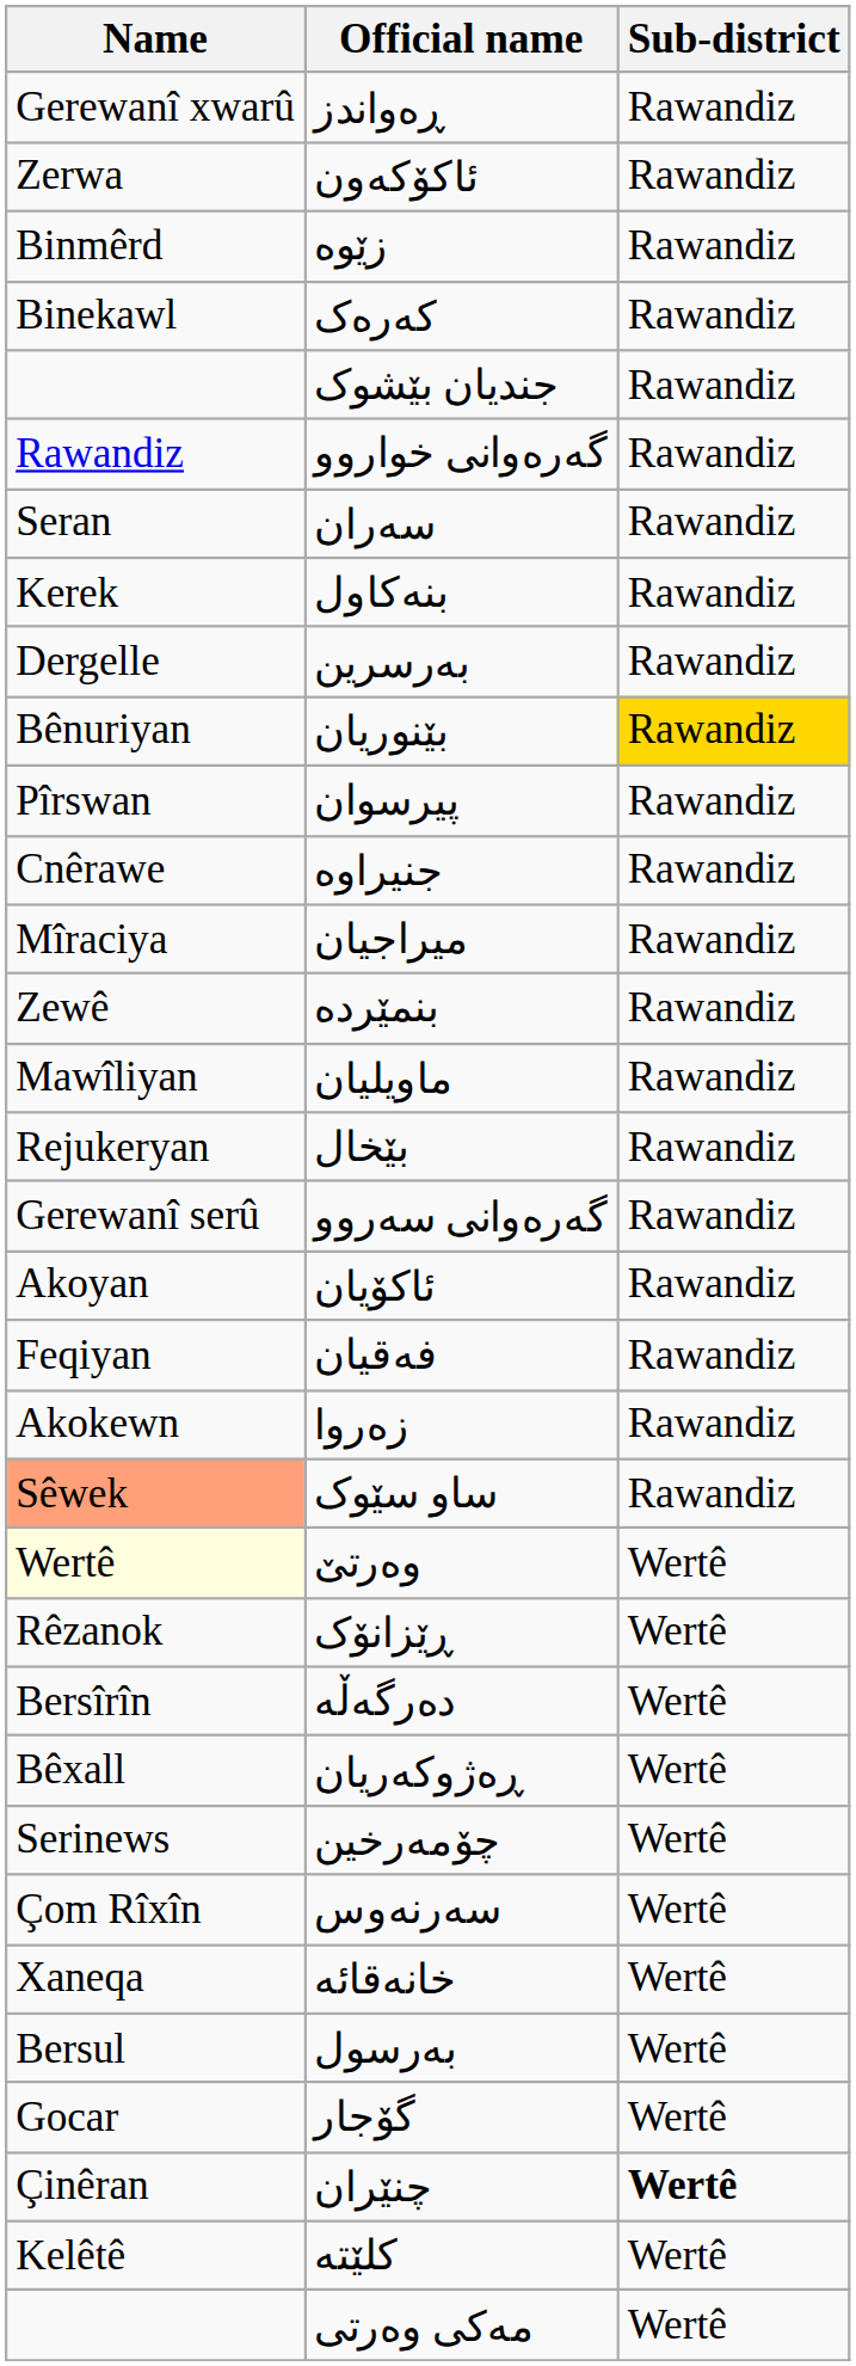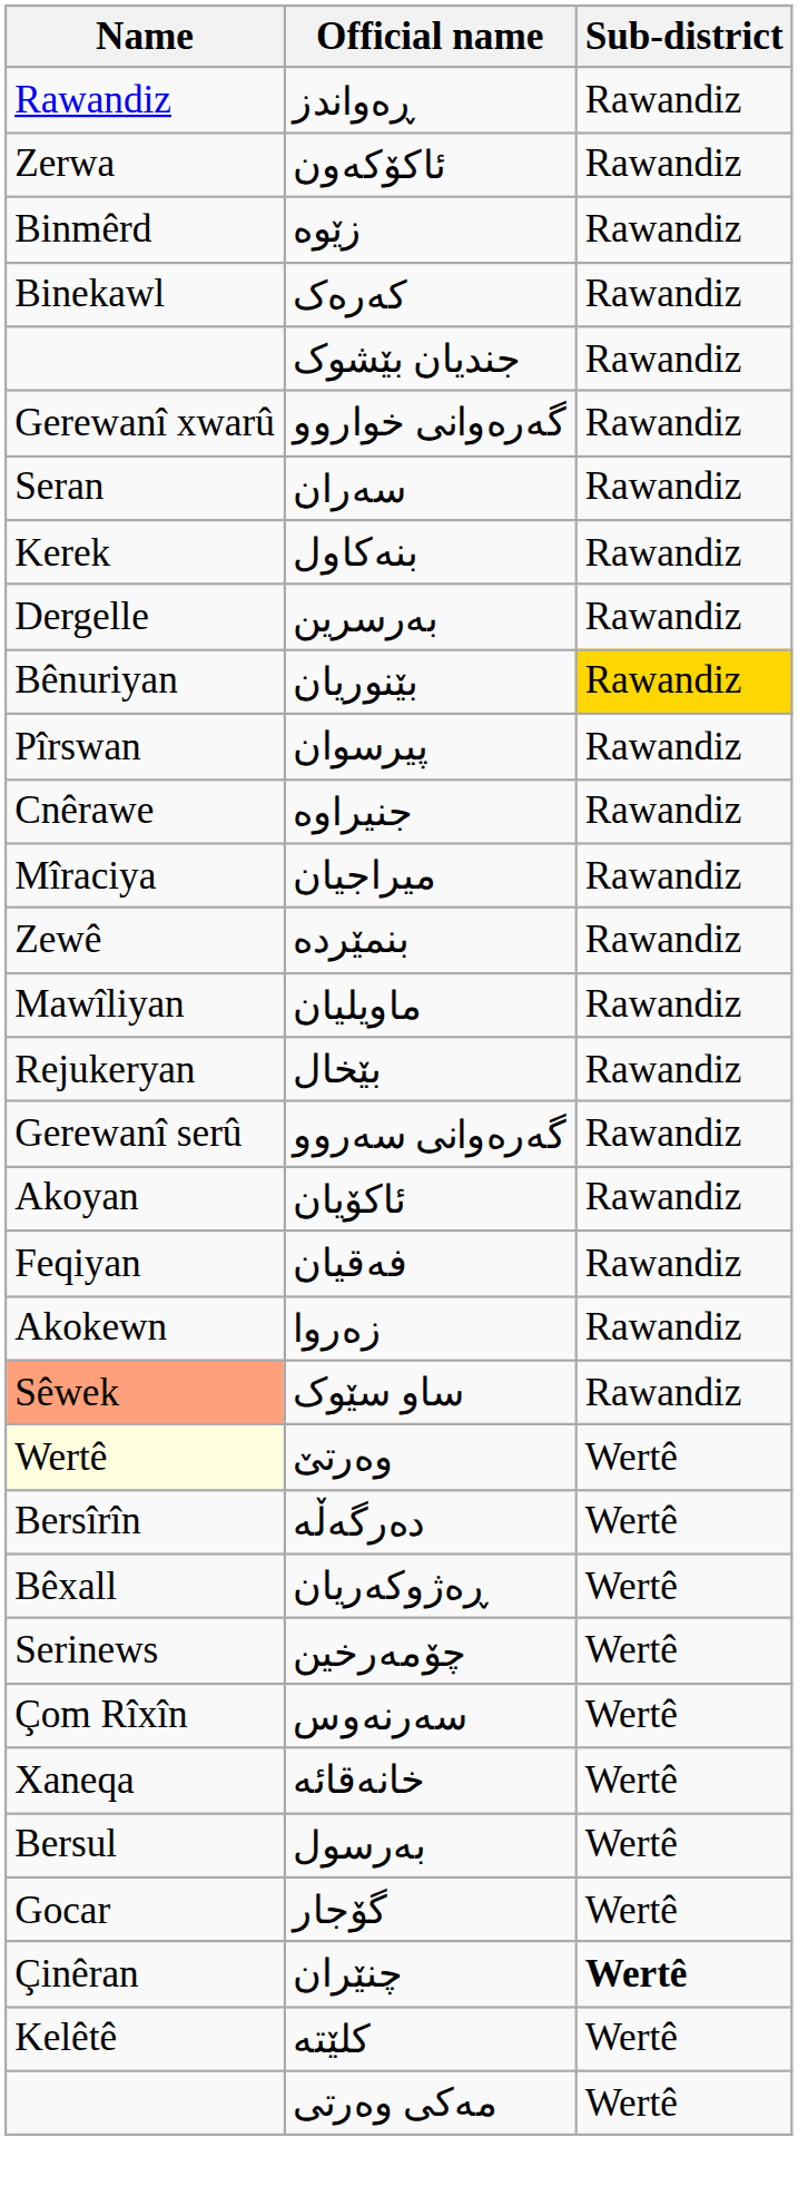 <table class="wikitable sortable">
 <tr>
 <th>Name</th>
 <th>Official name</th>
 <th>Sub-district</th>
 </tr>
 <tr>
-<td>Gerewanî xwarû</td>
+<td><a href='#'>Rawandiz</a></td>
 <td>ڕەواندز</td>
 <td>Rawandiz</td>
 </tr>
 <tr>
 <td>Zerwa</td>
 <td>ئاکۆکه‌ون</td>
 <td>Rawandiz</td>
 </tr>
 <tr>
 <td>Binmêrd</td>
 <td>زێوه‌</td>
 <td>Rawandiz</td>
 </tr>
 <tr>
 <td>Binekawl</td>
 <td>که‌ره‌ک</td>
 <td>Rawandiz</td>
 </tr>
 <tr>
 <td></td>
 <td>جندیان بێشوک</td>
 <td>Rawandiz</td>
 </tr>
 <tr>
-<td><a href='#'>Rawandiz</a></td>
+<td>Gerewanî xwarû</td>
 <td>گه‌ره‌وانی خواروو</td>
 <td>Rawandiz</td>
 </tr>
 <tr>
 <td>Seran</td>
 <td>سه‌ران</td>
 <td>Rawandiz</td>
 </tr>
 <tr>
 <td>Kerek</td>
 <td>بنه‌کاول</td>
 <td>Rawandiz</td>
 </tr>
 <tr>
 <td>Dergelle</td>
 <td>به‌رسرین</td>
 <td>Rawandiz</td>
 </tr>
 <tr>
 <td>Bênuriyan</td>
 <td>بێنوریان</td>
 <td style="background: gold;">Rawandiz</td>
 </tr>
 <tr>
 <td>Pîrswan</td>
 <td>پیرسوان</td>
 <td>Rawandiz</td>
 </tr>
 <tr>
 <td>Cnêrawe</td>
 <td>جنيراوه‌</td>
 <td>Rawandiz</td>
 </tr>
 <tr>
 <td>Mîraciya</td>
 <td>میراجیان</td>
 <td>Rawandiz</td>
 </tr>
 <tr>
 <td>Zewê</td>
 <td>بنمێرده‌</td>
 <td>Rawandiz</td>
 </tr>
 <tr>
 <td>Mawîliyan</td>
 <td>ماویلیان</td>
 <td>Rawandiz</td>
 </tr>
 <tr>
 <td>Rejukeryan</td>
 <td>بێخال</td>
 <td>Rawandiz</td>
 </tr>
 <tr>
 <td>Gerewanî serû</td>
 <td>گه‌ره‌وانی سه‌روو</td>
 <td>Rawandiz</td>
 </tr>
 <tr>
 <td>Akoyan</td>
 <td>ئاکۆیان</td>
 <td>Rawandiz</td>
 </tr>
 <tr>
 <td>Feqiyan</td>
 <td>فه‌قیان</td>
 <td>Rawandiz</td>
 </tr>
 <tr>
 <td>Akokewn</td>
 <td>زه‌روا</td>
 <td>Rawandiz</td>
 </tr>
 <tr>
 <td style="background: lightsalmon;">Sêwek</td>
 <td>ساو سێوک</td>
 <td>Rawandiz</td>
 </tr>
 <tr>
 <td style="background: lightyellow;">Wertê</td>
 <td>وه‌رتێ</td>
 <td>Wertê</td>
 </tr>
 <tr>
-<td>Rêzanok</td>
-<td>ڕێزانۆک</td>
-<td>Wertê</td>
-</tr>
-<tr>
 <td>Bersîrîn</td>
 <td>ده‌رگه‌ڵه‌‌</td>
 <td>Wertê</td>
 </tr>
 <tr>
 <td>Bêxall</td>
 <td>ڕه‌ژوکه‌ریان</td>
 <td>Wertê</td>
 </tr>
 <tr>
 <td>Serinews</td>
 <td>چۆمه‌رخین</td>
 <td>Wertê</td>
 </tr>
 <tr>
 <td>Çom Rîxîn</td>
 <td>سه‌رنه‌وس</td>
 <td>Wertê</td>
 </tr>
 <tr>
 <td>Xaneqa</td>
 <td>خانه‌قائه‌</td>
 <td>Wertê</td>
 </tr>
 <tr>
 <td>Bersul</td>
 <td>به‌رسول</td>
 <td>Wertê</td>
 </tr>
 <tr>
 <td>Gocar</td>
 <td>گۆجار</td>
 <td>Wertê</td>
 </tr>
 <tr>
 <td>Çinêran</td>
 <td>چنێران</td>
 <td><strong>Wertê</strong></td>
 </tr>
 <tr>
 <td>Kelêtê</td>
 <td>کلێته‌</td>
 <td>Wertê</td>
 </tr>
 <tr>
 <td></td>
 <td>مه‌کی وه‌رتی</td>
 <td>Wertê</td>
 </tr>
 </table>
